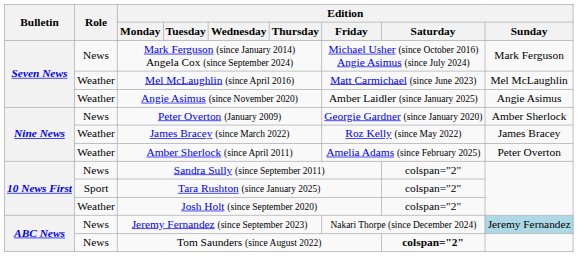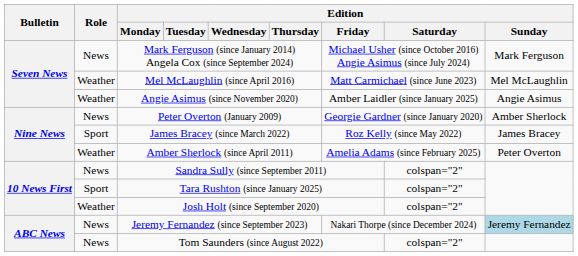 <table class="wikitable plainrowheaders"  style="text-align:center;">
 <tr>
 <th scope="col" rowspan="2">Bulletin</th>
 <th scope="col" rowspan="2">Role</th>
 <th scope="col" colspan="7">Edition</th>
 </tr>
 <tr>
 <th scope="col">Monday</th>
 <th scope="col">Tuesday</th>
 <th scope="col">Wednesday</th>
 <th scope="col">Thursday</th>
 <th scope="col">Friday</th>
 <th scope="col">Saturday</th>
 <th scope="col">Sunday</th>
 </tr>
 <tr>
 <th scope="row" rowspan="3"><em><a href='#'>Seven News</a></em></th>
 <td>News</td>
 <td colspan="4"><a href='#'>Mark Ferguson</a> <small>(since January 2014)</small><br> Angela Cox <small>(since September 2024)</small></td>
 <td colspan="2"><a href='#'>Michael Usher</a> <small>(since October 2016)</small><br><a href='#'>Angie Asimus</a> <small>(since July 2024)</small></td>
 <td>Mark Ferguson</td>
 </tr>
 <tr>
 <td>Weather</td>
 <td colspan="4"><a href='#'>Mel McLaughlin</a> <small>(since April 2016)</small></td>
 <td colspan="2"><a href='#'>Matt Carmichael</a> <small>(since June 2023)</small></td>
 <td>Mel McLaughlin</td>
 </tr>
 <tr>
 <td>Weather</td>
 <td colspan="4"><a href='#'>Angie Asimus</a> <small>(since November 2020)</small></td>
 <td colspan="2">Amber Laidler <small>(since January 2025)</small></td>
 <td>Angie Asimus</td>
 </tr>
 <tr>
 <th scope="row" rowspan="3"><em><a href='#'>Nine News</a></em></th>
 <td>News</td>
 <td colspan="4"><a href='#'>Peter Overton</a> <small>(January 2009)</small></td>
 <td colspan="2"><a href='#'>Georgie Gardner</a> <small>(since January 2020)</small></td>
 <td>Amber Sherlock</td>
 </tr>
 <tr>
-<td>Weather</td>
+<td>Sport</td>
 <td colspan="4"><a href='#'>James Bracey</a> <small>(since March 2022)</small></td>
 <td colspan="2"><a href='#'>Roz Kelly</a> <small>(since May 2022)</small></td>
 <td>James Bracey</td>
 </tr>
 <tr>
 <td>Weather</td>
 <td colspan="4"><a href='#'>Amber Sherlock</a> <small>(since April 2011) </small></td>
 <td colspan="2"><a href='#'>Amelia Adams</a> <small>(since February 2025)</small></td>
 <td>Peter Overton</td>
 </tr>
 <tr>
 <th scope="row" rowspan="3"><em><a href='#'>10 News First</a></em></th>
 <td>News</td>
 <td colspan="5"><a href='#'>Sandra Sully</a> <small>(since September 2011)</small></td>
 <td>colspan="2" </td>
 </tr>
 <tr>
 <td>Sport</td>
 <td colspan="5"><a href='#'>Tara Rushton</a> <small>(since January 2025)</small></td>
 <td>colspan="2" </td>
 </tr>
 <tr>
 <td>Weather</td>
 <td colspan="5"><a href='#'>Josh Holt</a> <small>(since September 2020)</small></td>
 <td>colspan="2" </td>
 </tr>
 <tr>
 <th scope="row" rowspan="3"><em><a href='#'>ABC News</a></em></th>
 <td>News</td>
 <td colspan="4"><a href='#'>Jeremy Fernandez</a> <small>(since September 2023)</small></td>
 <td colspan="2"><small>Nakari Thorpe (since December 2024)</small></td>
 <td style="background: lightblue;">Jeremy Fernandez</td>
 </tr>
 <tr>
 <td>News</td>
 <td colspan="5">Tom Saunders <small>(since August 2022)</small></td>
-<td><strong>colspan="2" </strong></td>
+<td>colspan="2" </td>
 </tr>
 </table>
